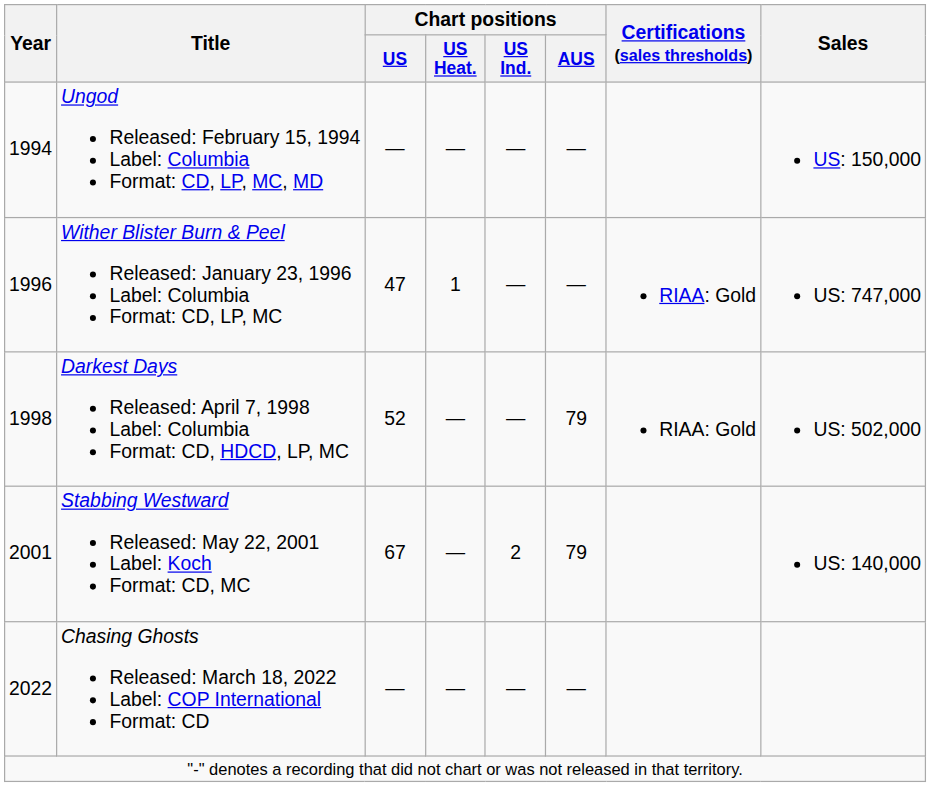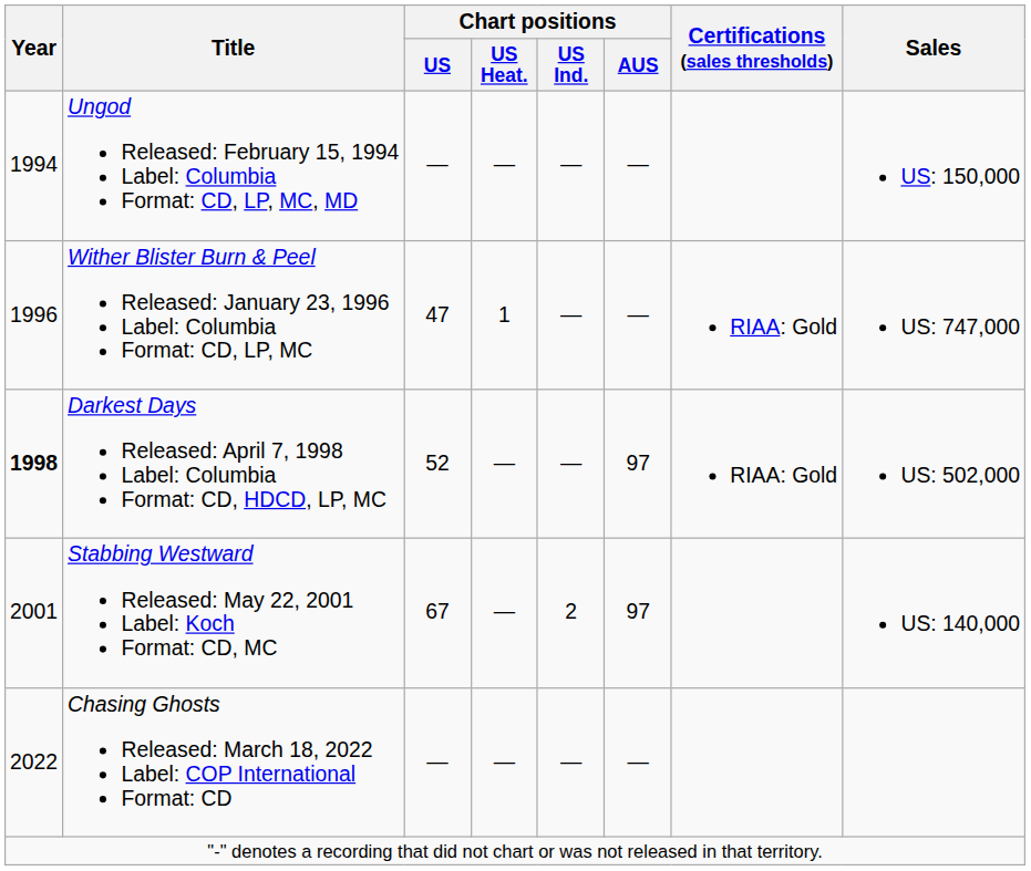 <table class="wikitable" style="text-align:center">
 <tr>
 <th rowspan="2">Year</th>
 <th rowspan="2">Title</th>
 <th colspan="4">Chart positions</th>
 <th rowspan="2"><a href='#'>Certifications</a><br><small>(<a href='#'>sales thresholds</a>)</small></th>
 <th rowspan="2">Sales</th>
 </tr>
 <tr>
 <th style="width:3em;font-size:90%;"><a href='#'>US</a><br></th>
 <th style="width:3em;font-size:90%;"><a href='#'>US Heat.</a><br></th>
 <th style="width:3em;font-size:90%;"><a href='#'>US Ind.</a><br></th>
 <th style="width:3em;font-size:90%;"><a href='#'>AUS</a><br></th>
 </tr>
 <tr>
 <td>1994</td>
 <td style="text-align:left;"><em><a href='#'>Ungod</a></em><br><ul><li>Released: February 15, 1994</li><li>Label: <a href='#'>Columbia</a></li><li>Format: <a href='#'>CD</a>, <a href='#'>LP</a>, <a href='#'>MC</a>, <a href='#'>MD</a></li></ul></td>
 <td>—</td>
 <td>—</td>
 <td>—</td>
 <td>—</td>
 <td></td>
 <td><br><ul><li><a href='#'>US</a>: 150,000</li></ul></td>
 </tr>
 <tr>
 <td>1996</td>
 <td style="text-align:left;"><em><a href='#'>Wither Blister Burn & Peel</a></em><br><ul><li>Released: January 23, 1996</li><li>Label: Columbia</li><li>Format: CD, LP, MC</li></ul></td>
 <td>47</td>
 <td>1</td>
 <td>—</td>
 <td>—</td>
 <td><br><ul><li><a href='#'>RIAA</a>: Gold</li></ul></td>
 <td><br><ul><li>US: 747,000</li></ul></td>
 </tr>
 <tr>
-<td>1998</td>
+<td><strong>1998</strong></td>
 <td style="text-align:left;"><em><a href='#'>Darkest Days</a></em><br><ul><li>Released: April 7, 1998</li><li>Label: Columbia</li><li>Format: CD, <a href='#'>HDCD</a>, LP, MC</li></ul></td>
 <td>52</td>
 <td>—</td>
 <td>—</td>
-<td>79</td>
+<td>97</td>
 <td><br><ul><li>RIAA: Gold</li></ul></td>
 <td><br><ul><li>US: 502,000</li></ul></td>
 </tr>
 <tr>
 <td>2001</td>
 <td style="text-align:left;"><em><a href='#'>Stabbing Westward</a></em><br><ul><li>Released: May 22, 2001</li><li>Label: <a href='#'>Koch</a></li><li>Format: CD, MC</li></ul></td>
 <td>67</td>
 <td>—</td>
 <td>2</td>
-<td>79</td>
+<td>97</td>
 <td></td>
 <td><br><ul><li>US: 140,000</li></ul></td>
 </tr>
 <tr>
 <td>2022</td>
 <td style="text-align:left;"><em>Chasing Ghosts</em><br><ul><li>Released: March 18, 2022</li><li>Label: <a href='#'>COP International</a></li><li>Format: CD</li></ul></td>
 <td>—</td>
 <td>—</td>
 <td>—</td>
 <td>—</td>
 <td></td>
 <td></td>
 </tr>
 <tr>
 <td colspan="8" style="font-size:85%; text-align:center;">"-" denotes a recording that did not chart or was not released in that territory.</td>
 </tr>
 </table>
